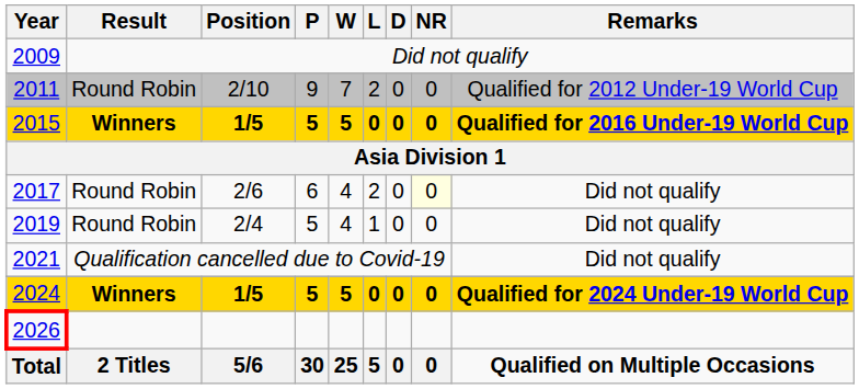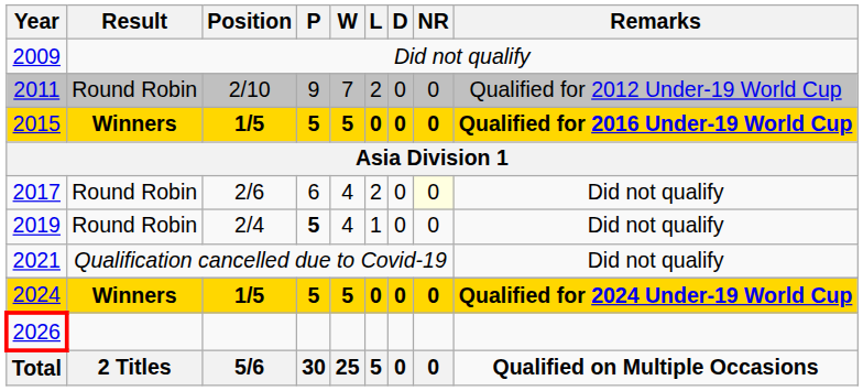 <table class="wikitable" style="text-align: center;">
 <tr>
 <th>Year</th>
 <th>Result</th>
 <th>Position</th>
 <th>P</th>
 <th>W</th>
 <th>L</th>
 <th>D</th>
 <th>NR</th>
 <th>Remarks</th>
 </tr>
 <tr>
 <td> <a href='#'>2009</a></td>
 <td colspan="8"><em>Did not qualify</em></td>
 </tr>
 <tr style="background:silver">
 <td> <a href='#'>2011</a></td>
 <td>Round Robin</td>
 <td>2/10</td>
 <td>9</td>
 <td>7</td>
 <td>2</td>
 <td>0</td>
 <td>0</td>
 <td>Qualified for <a href='#'>2012 Under-19 World Cup</a></td>
 </tr>
 <tr style="background:gold">
 <td> <a href='#'>2015</a></td>
 <td><strong>Winners</strong></td>
 <td><strong>1/5</strong></td>
 <td><strong>5</strong></td>
 <td><strong>5</strong></td>
 <td><strong>0</strong></td>
 <td><strong>0</strong></td>
 <td><strong>0</strong></td>
 <td><strong>Qualified for <a href='#'>2016 Under-19 World Cup</a></strong></td>
 </tr>
 <tr>
 <th colspan="9">Asia Division 1</th>
 </tr>
 <tr>
 <td> <a href='#'>2017</a></td>
 <td>Round Robin</td>
 <td>2/6</td>
 <td>6</td>
 <td>4</td>
 <td>2</td>
 <td>0</td>
 <td style="background: lightyellow;">0</td>
 <td>Did not qualify</td>
 </tr>
 <tr>
 <td> <a href='#'>2019</a></td>
 <td>Round Robin</td>
 <td>2/4</td>
-<td>5</td>
+<td><strong>5</strong></td>
 <td>4</td>
 <td>1</td>
 <td>0</td>
 <td>0</td>
 <td>Did not qualify</td>
 </tr>
 <tr>
 <td> <a href='#'>2021</a></td>
 <td colspan="7"><em>Qualification cancelled due to Covid-19</em></td>
 <td>Did not qualify</td>
 </tr>
 <tr>
 </tr>
 <tr style="background:gold">
 <td> <a href='#'>2024</a></td>
 <td><strong>Winners</strong></td>
 <td><strong>1/5</strong></td>
 <td><strong>5</strong></td>
 <td><strong>5</strong></td>
 <td><strong>0</strong></td>
 <td><strong>0</strong></td>
 <td><strong>0</strong></td>
 <td><strong>Qualified for <a href='#'>2024 Under-19 World Cup</a></strong></td>
 </tr>
 <tr>
 <td style="border:3px solid red"> <a href='#'>2026</a></td>
 <td></td>
 <td></td>
 <td></td>
 <td></td>
 <td></td>
 <td></td>
 <td></td>
 <td></td>
 </tr>
 <tr>
 <th>Total</th>
 <th>2 Titles</th>
 <th>5/6</th>
 <th>30</th>
 <th>25</th>
 <th>5</th>
 <th>0</th>
 <th>0</th>
 <td><strong>Qualified on Multiple Occasions</strong></td>
 </tr>
 </table>
